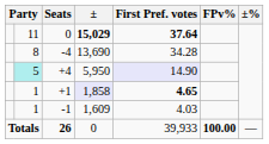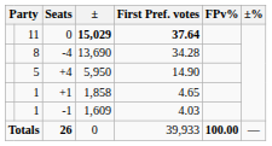 <table class=wikitable>
 <tr>
 <th colspan=2 align=center>Party</th>
 <th valign=top>Seats</th>
 <th valign=top>±</th>
 <th valign=top>First Pref. votes</th>
 <th valign=top>FPv%</th>
 <th valign=top>±%</th>
 </tr>
 <tr>
 <td></td>
 <td align=right>11</td>
 <td align=right>0</td>
 <td align=right><strong>15,029</strong></td>
 <td align=right><strong>37.64</strong></td>
 <td align=right></td>
 </tr>
 <tr>
 <td></td>
 <td align=right>8</td>
 <td align=right>-4</td>
 <td align=right>13,690</td>
 <td align=right>34.28</td>
 <td align=right></td>
 </tr>
 <tr>
 <td></td>
-<td align=right style="background: paleturquoise;">5</td>
+<td align=right>5</td>
 <td align=right>+4</td>
 <td align=right>5,950</td>
-<td align=right style="background: lavender;">14.90</td>
+<td align=right>14.90</td>
 <td align=right></td>
 </tr>
 <tr>
 <td></td>
 <td align=right>1</td>
 <td align=right>+1</td>
-<td align=right style="background: lavender;">1,858</td>
-<td align=right><strong>4.65</strong></td>
+<td align=right>1,858</td>
+<td align=right>4.65</td>
 <td align=right></td>
 </tr>
 <tr>
 <td></td>
 <td align=right>1</td>
 <td align=right>-1</td>
 <td align=right>1,609</td>
 <td align=right>4.03</td>
 <td align=right></td>
 </tr>
 <tr>
 <td colspan=2 align=center><strong>Totals</strong></td>
 <td align=right><strong>26</strong></td>
 <td align=center>0</td>
 <td align=right>39,933</td>
 <td align=center><strong>100.00</strong></td>
 <td align=center>—</td>
 </tr>
 </table>
